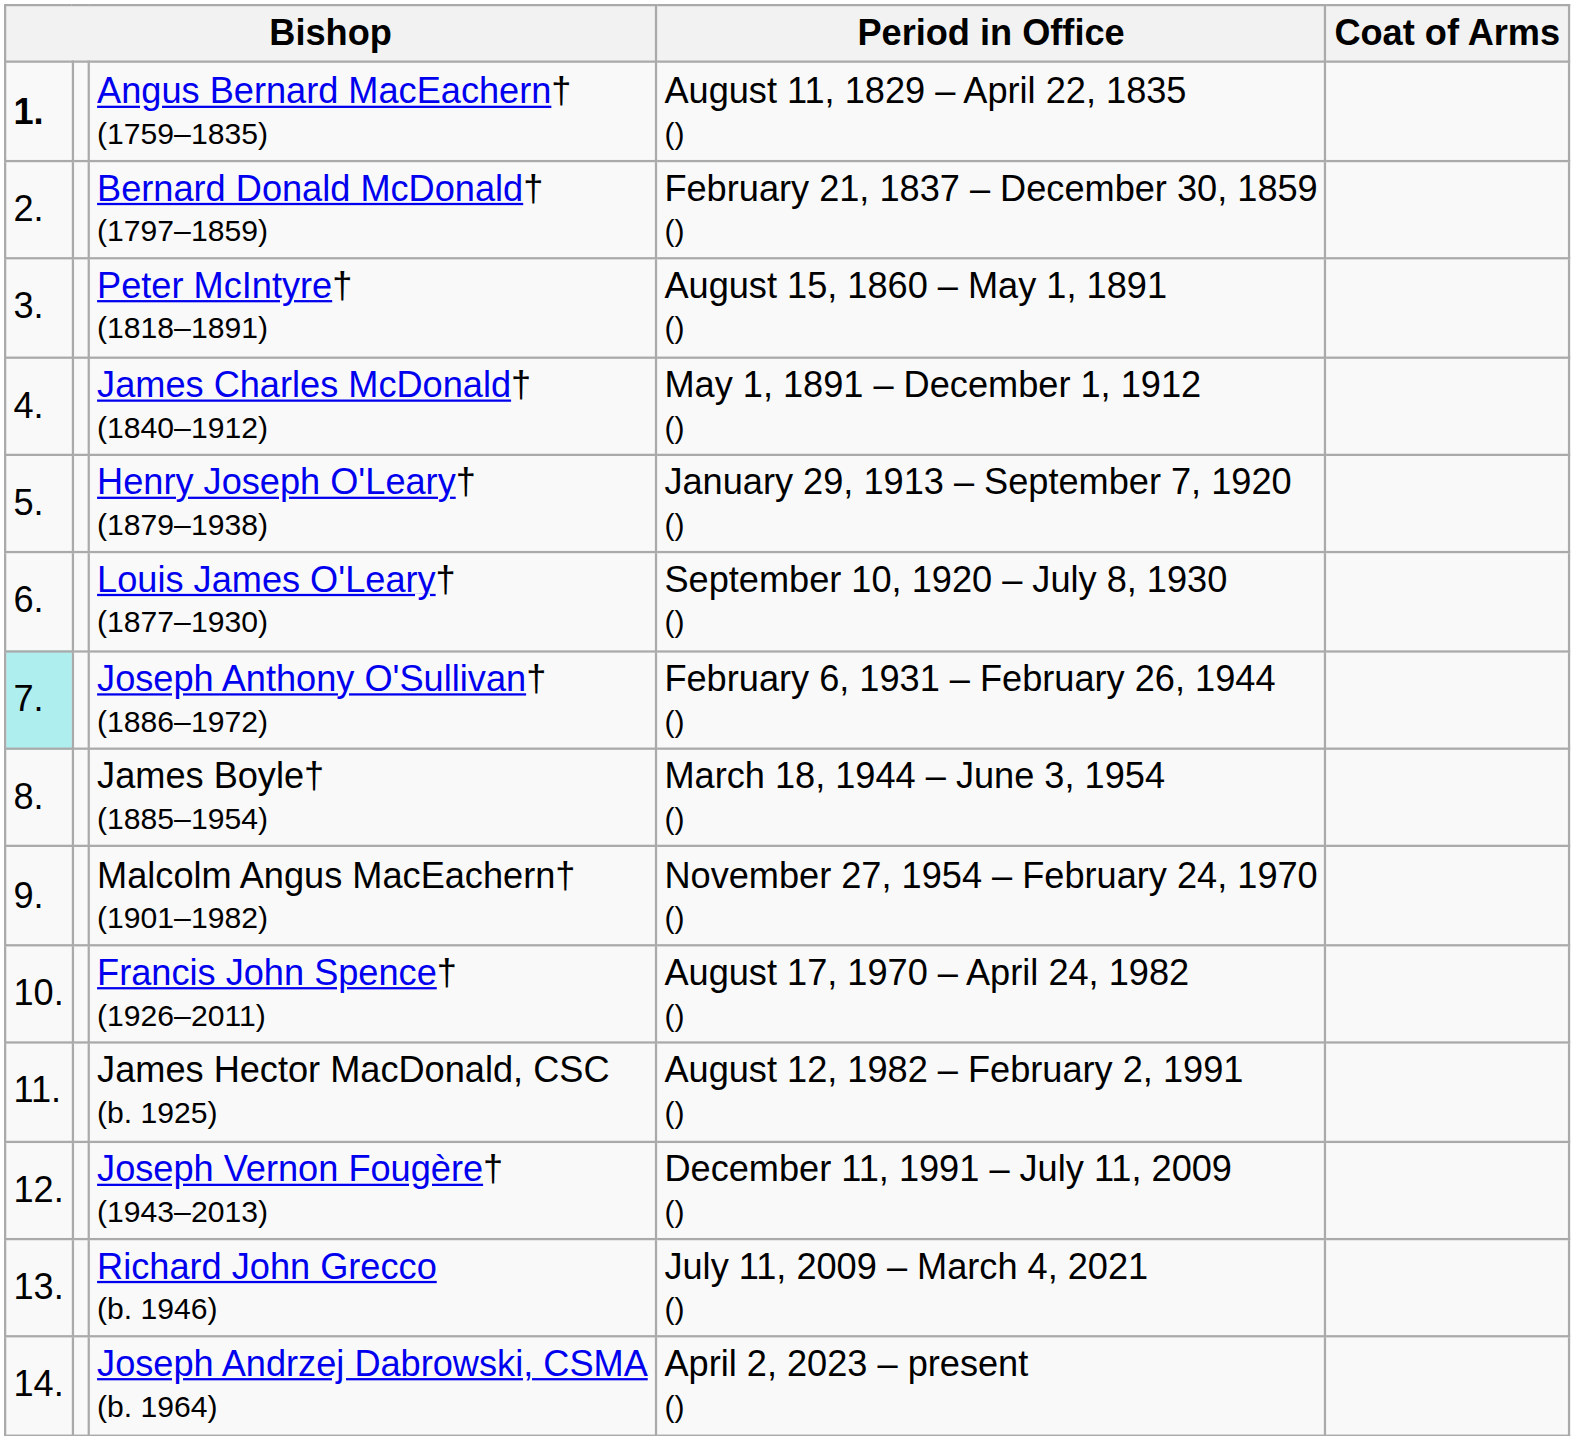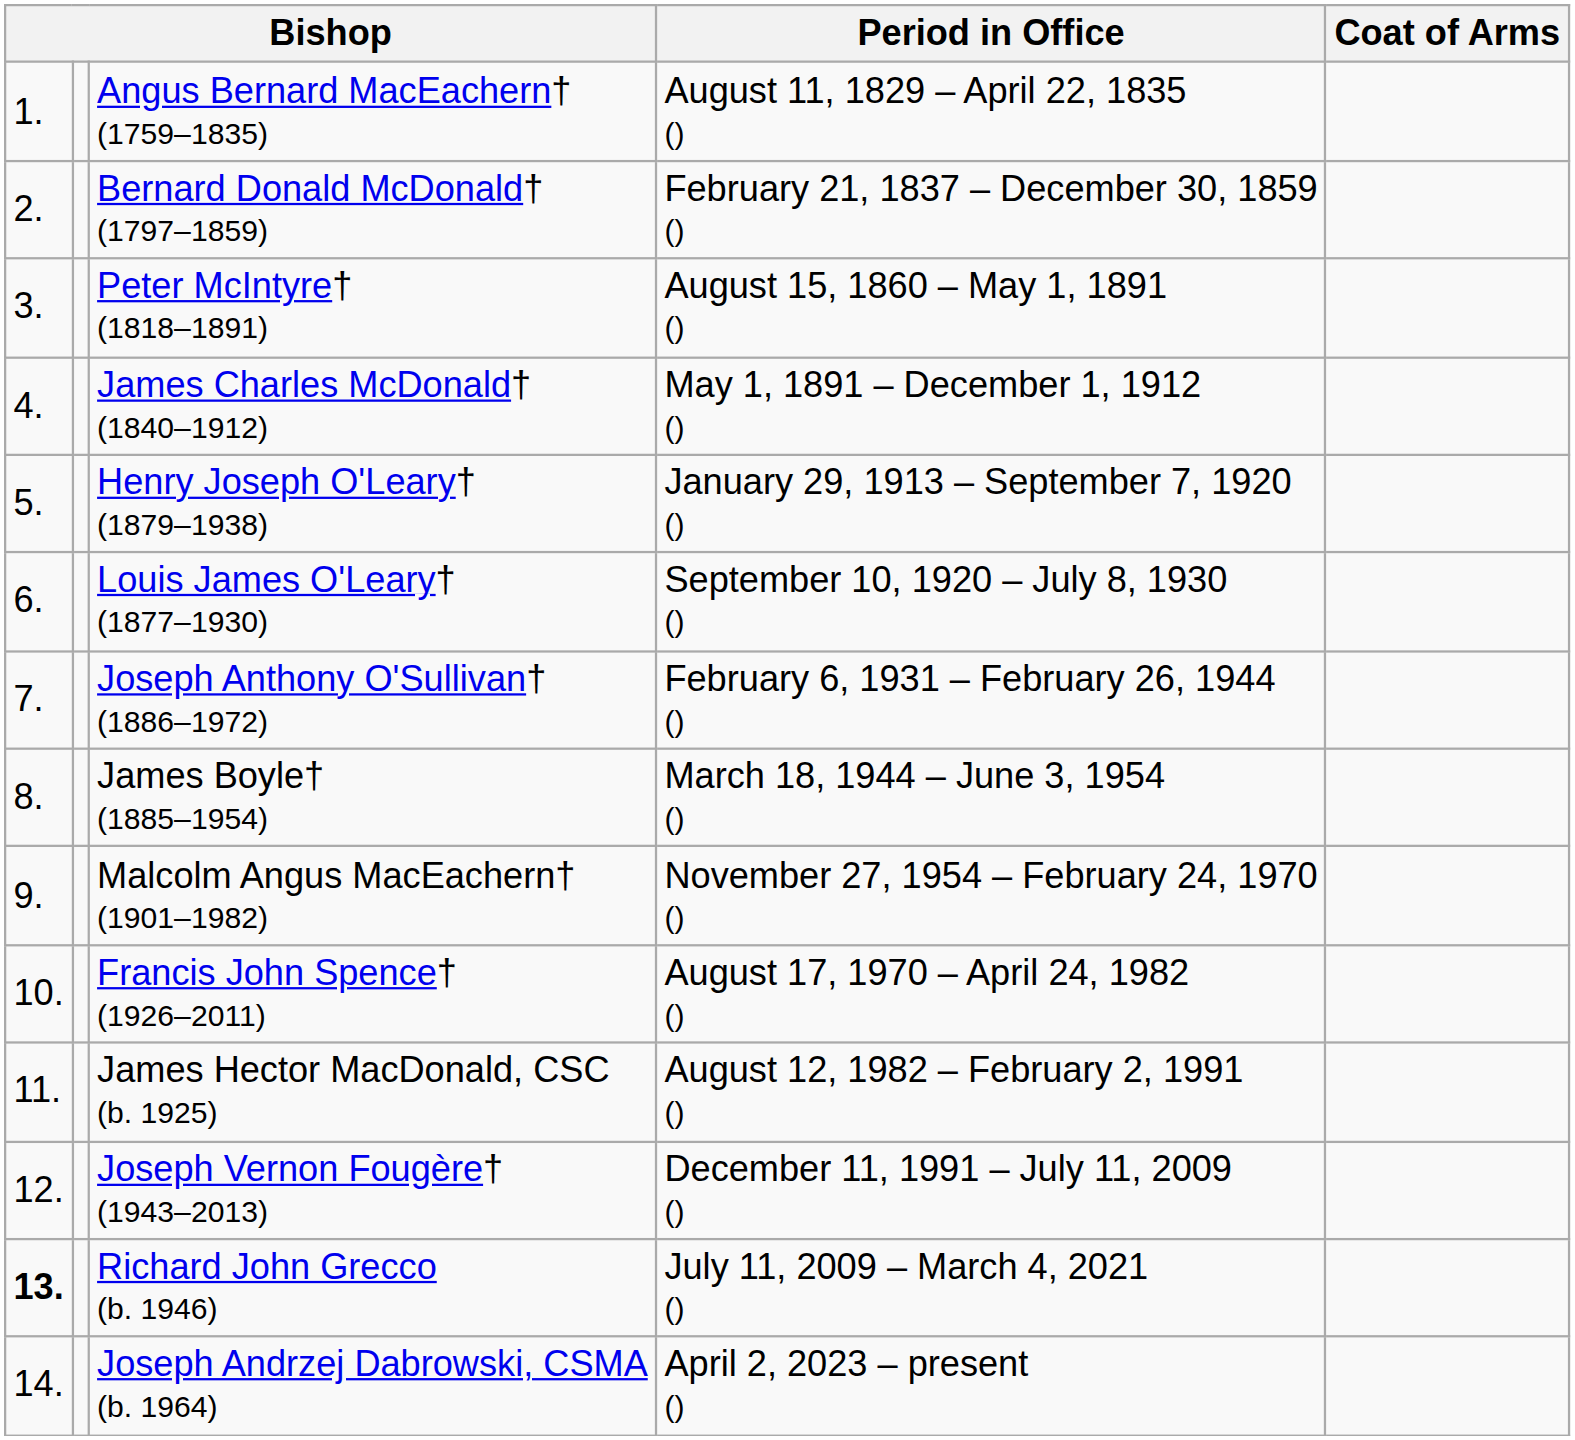 <table class="wikitable">
 <tr>
 <th colspan=3>Bishop</th>
 <th>Period in Office</th>
 <th>Coat of Arms</th>
 </tr>
 <tr>
-<td><strong>1.</strong></td>
+<td>1.</td>
 <td></td>
 <td><a href='#'>Angus Bernard MacEachern</a>†<br><small>(1759–1835)</small></td>
 <td>August 11, 1829 – April 22, 1835 <br> <small>()</small></td>
 <td></td>
 </tr>
 <tr>
 <td>2.</td>
 <td></td>
 <td><a href='#'>Bernard Donald McDonald</a>†<br><small>(1797–1859)</small></td>
 <td>February 21, 1837 – December 30, 1859<br><small>()</small></td>
 <td></td>
 </tr>
 <tr>
 <td>3.</td>
 <td></td>
 <td><a href='#'>Peter McIntyre</a>†<br><small>(1818–1891)</small></td>
 <td>August 15, 1860 – May 1, 1891 <br><small>()</small></td>
 <td></td>
 </tr>
 <tr>
 <td>4.</td>
 <td></td>
 <td><a href='#'>James Charles McDonald</a>†<br><small>(1840–1912)</small></td>
 <td>May 1, 1891 – December 1, 1912 <br><small>()</small></td>
 <td></td>
 </tr>
 <tr>
 <td>5.</td>
 <td></td>
 <td><a href='#'>Henry Joseph O'Leary</a>†<br><small>(1879–1938)</small></td>
 <td>January 29, 1913 – September 7, 1920 <br><small>()</small></td>
 <td></td>
 </tr>
 <tr>
 <td>6.</td>
 <td></td>
 <td><a href='#'>Louis James O'Leary</a>†<br><small>(1877–1930)</small></td>
 <td>September 10, 1920 – July 8, 1930 <br><small>()</small></td>
 <td></td>
 </tr>
 <tr>
-<td style="background: paleturquoise;">7.</td>
+<td>7.</td>
 <td></td>
 <td><a href='#'>Joseph Anthony O'Sullivan</a>†<br><small>(1886–1972)</small></td>
 <td>February 6, 1931 – February 26, 1944 <br><small>()</small></td>
 <td></td>
 </tr>
 <tr>
 <td>8.</td>
 <td></td>
 <td>James Boyle†<br><small>(1885–1954)</small></td>
 <td>March 18, 1944 – June 3, 1954 <br><small>()</small></td>
 <td></td>
 </tr>
 <tr>
 <td>9.</td>
 <td></td>
 <td>Malcolm Angus MacEachern†<br><small>(1901–1982)</small></td>
 <td>November 27, 1954 – February 24, 1970 <br><small>()</small></td>
 <td></td>
 </tr>
 <tr>
 <td>10.</td>
 <td></td>
 <td><a href='#'>Francis John Spence</a>†<br><small>(1926–2011)</small></td>
 <td>August 17, 1970 – April 24, 1982 <br><small>()</small></td>
 <td></td>
 </tr>
 <tr>
 <td>11.</td>
 <td></td>
 <td>James Hector MacDonald, CSC<br><small>(b. 1925)</small></td>
 <td>August 12, 1982 – February 2, 1991 <br><small>()</small></td>
 <td></td>
 </tr>
 <tr>
 <td>12.</td>
 <td></td>
 <td><a href='#'>Joseph Vernon Fougère</a>†<br><small>(1943–2013)</small></td>
 <td>December 11, 1991 – July 11, 2009 <br><small>()</small></td>
 <td></td>
 </tr>
 <tr>
-<td>13.</td>
+<td><strong>13.</strong></td>
 <td></td>
 <td><a href='#'>Richard John Grecco</a><br><small>(b. 1946)</small></td>
 <td>July 11, 2009 – March 4, 2021 <br><small>()</small></td>
 <td></td>
 </tr>
 <tr>
 <td>14.</td>
 <td></td>
 <td><a href='#'>Joseph Andrzej Dabrowski, CSMA</a><br><small>(b. 1964)</small></td>
 <td>April 2, 2023 – present <br><small>()</small></td>
 <td></td>
 </tr>
 </table>
